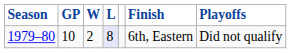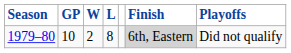 <table class="wikitable">
 <tr style="font-weight:bold;background:white;color:#0b429b;border-color:#c9333f;">
 <td>Season</td>
 <td>GP</td>
 <td>W</td>
 <td>L</td>
 <td></td>
 <td>Finish</td>
 <td>Playoffs</td>
 </tr>
 <tr>
 <td><a href='#'>1979–80</a></td>
 <td>10</td>
 <td>2</td>
-<td style="background: lavender;">8</td>
+<td>8</td>
 <td></td>
-<td>6th, Eastern</td>
+<td style="background: lightgrey;">6th, Eastern</td>
 <td>Did not qualify</td>
 </tr>
 </table>
